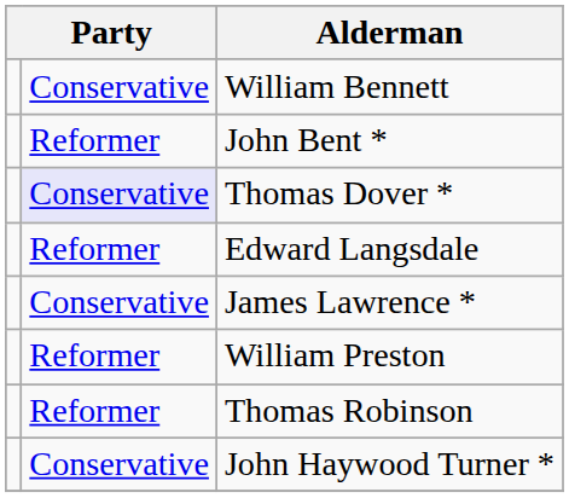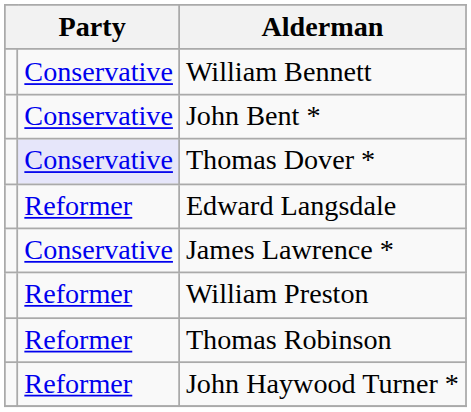 <table class="wikitable">
 <tr>
 <th colspan="2">Party</th>
 <th>Alderman</th>
 </tr>
 <tr>
 <td style="background-color:"></td>
 <td><a href='#'>Conservative</a></td>
 <td>William Bennett</td>
 </tr>
 <tr>
 <td style="background-color:"></td>
-<td><a href='#'>Reformer</a></td>
+<td><a href='#'>Conservative</a></td>
 <td>John Bent *</td>
 </tr>
 <tr>
 <td style="background-color:"></td>
 <td style="background: lavender;"><a href='#'>Conservative</a></td>
 <td>Thomas Dover *</td>
 </tr>
 <tr>
 <td style="background-color:"></td>
 <td><a href='#'>Reformer</a></td>
 <td>Edward Langsdale</td>
 </tr>
 <tr>
 <td style="background-color:"></td>
 <td><a href='#'>Conservative</a></td>
 <td>James Lawrence *</td>
 </tr>
 <tr>
 <td style="background-color:"></td>
 <td><a href='#'>Reformer</a></td>
 <td>William Preston</td>
 </tr>
 <tr>
 <td style="background-color:"></td>
 <td><a href='#'>Reformer</a></td>
 <td>Thomas Robinson</td>
 </tr>
 <tr>
 <td style="background-color:"></td>
-<td><a href='#'>Conservative</a></td>
+<td><a href='#'>Reformer</a></td>
 <td>John Haywood Turner *</td>
 </tr>
 <tr>
 </tr>
 </table>
